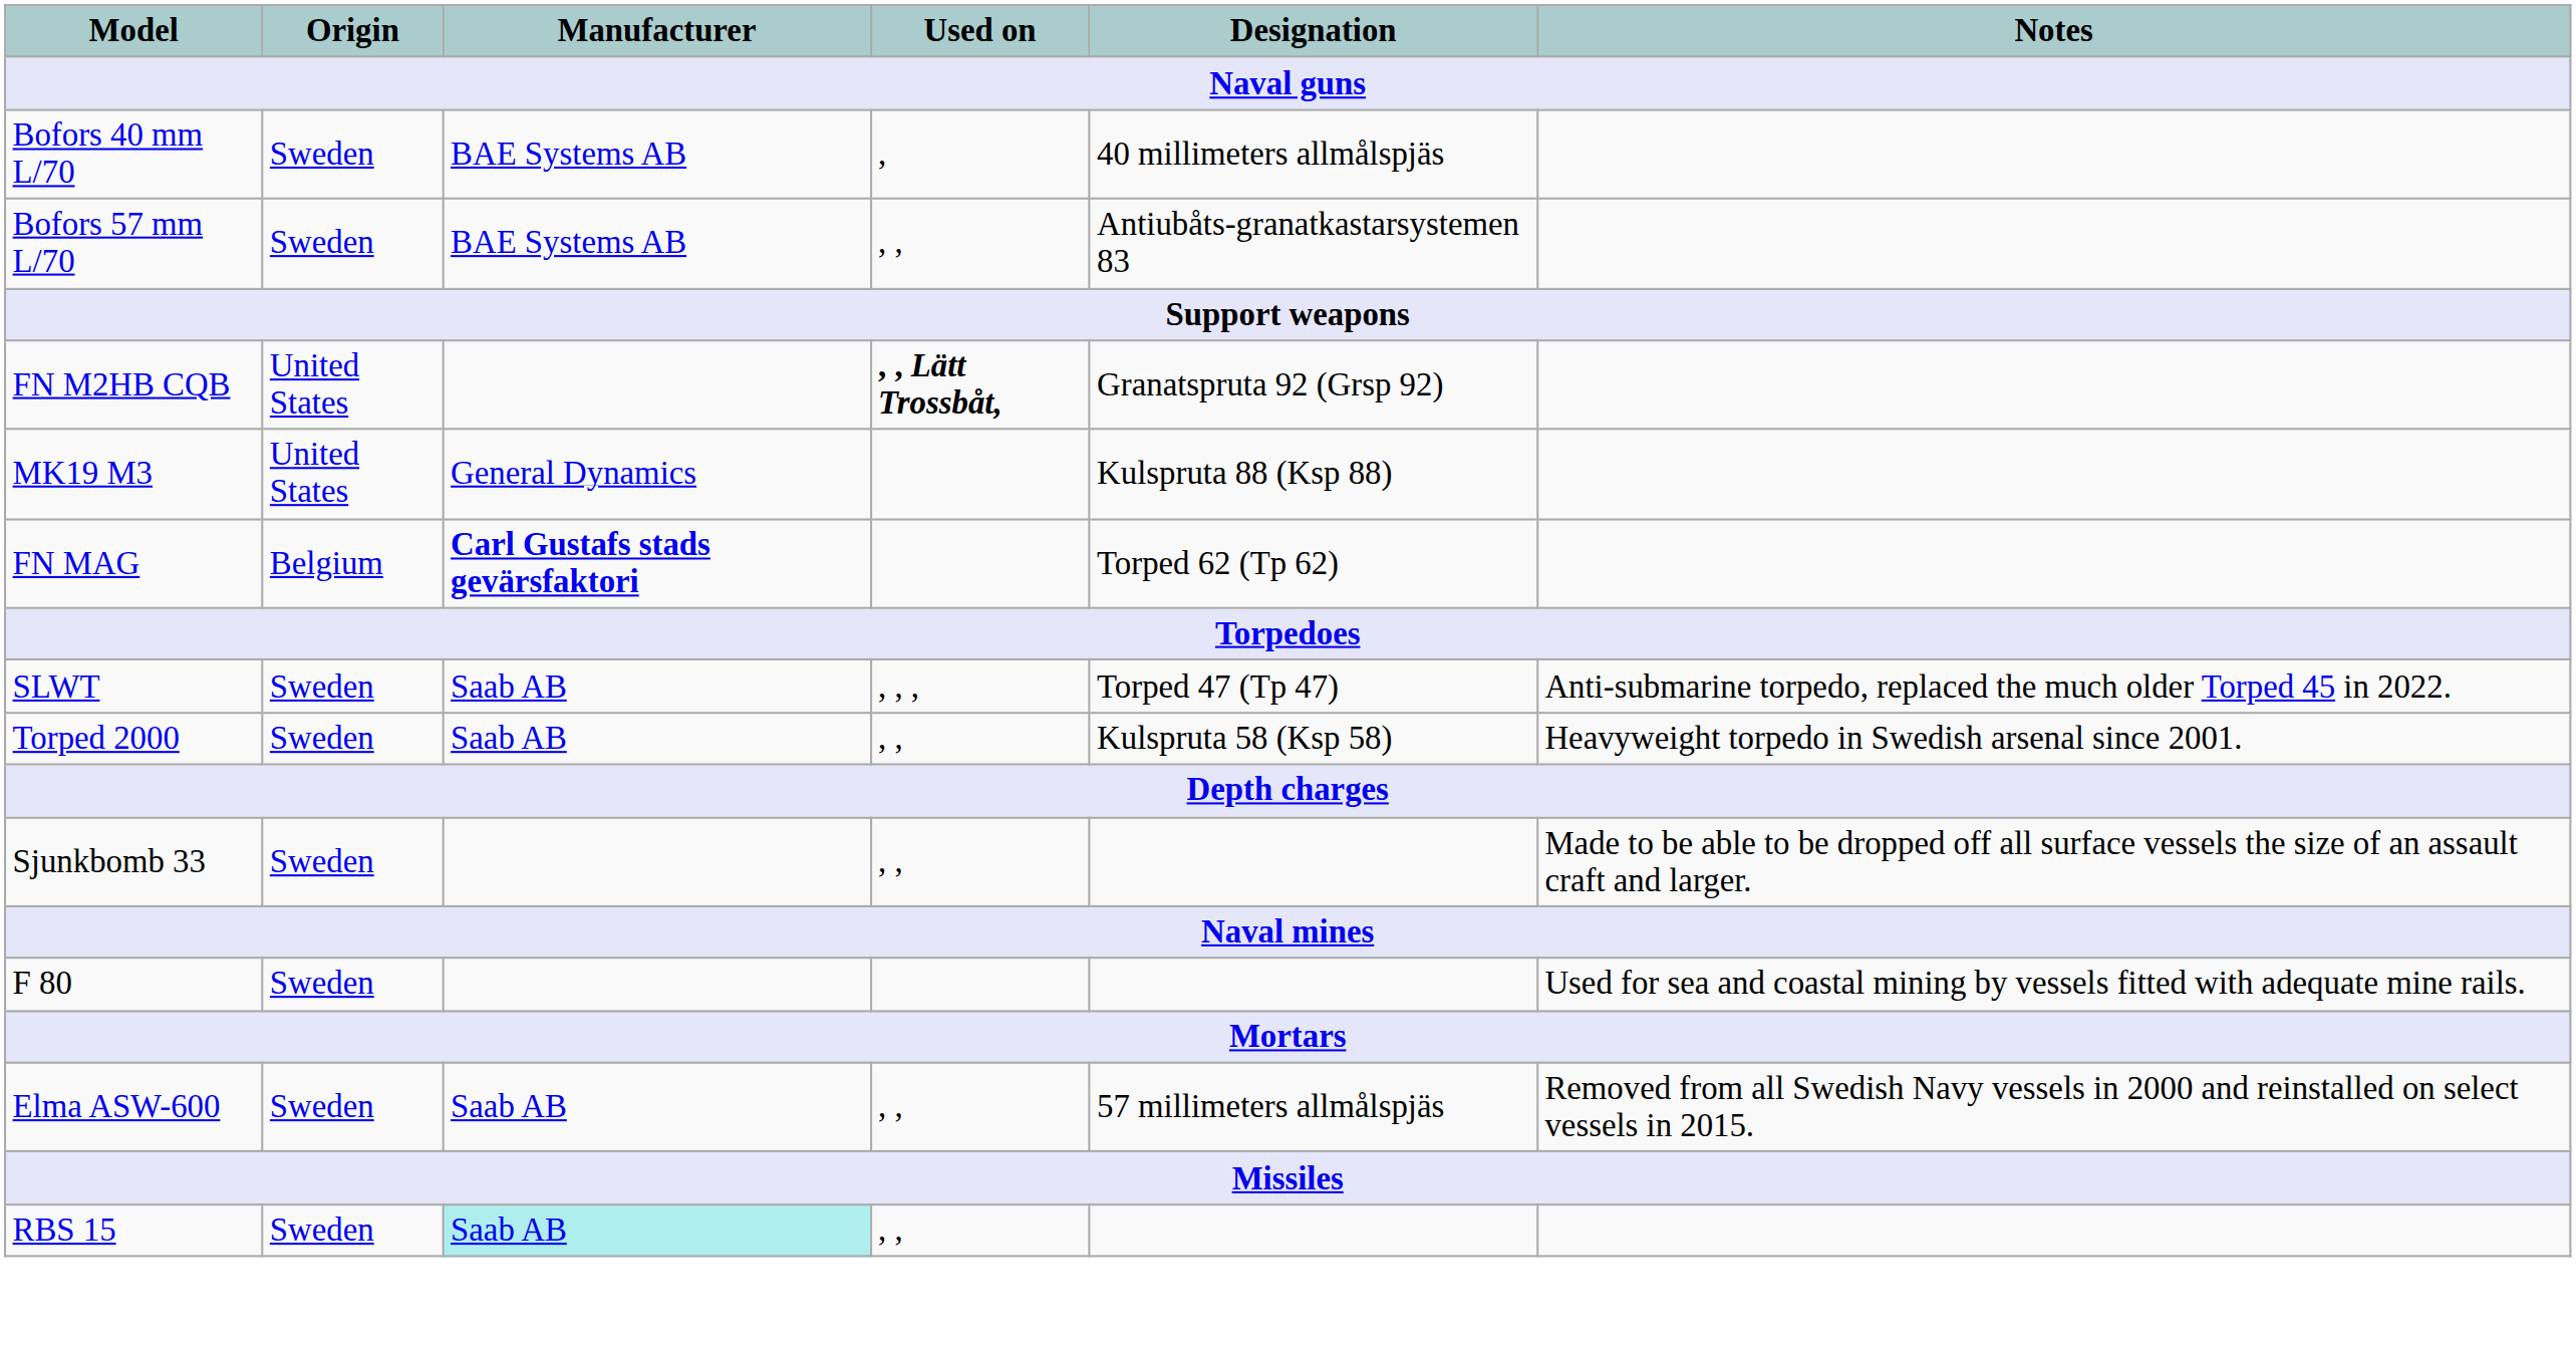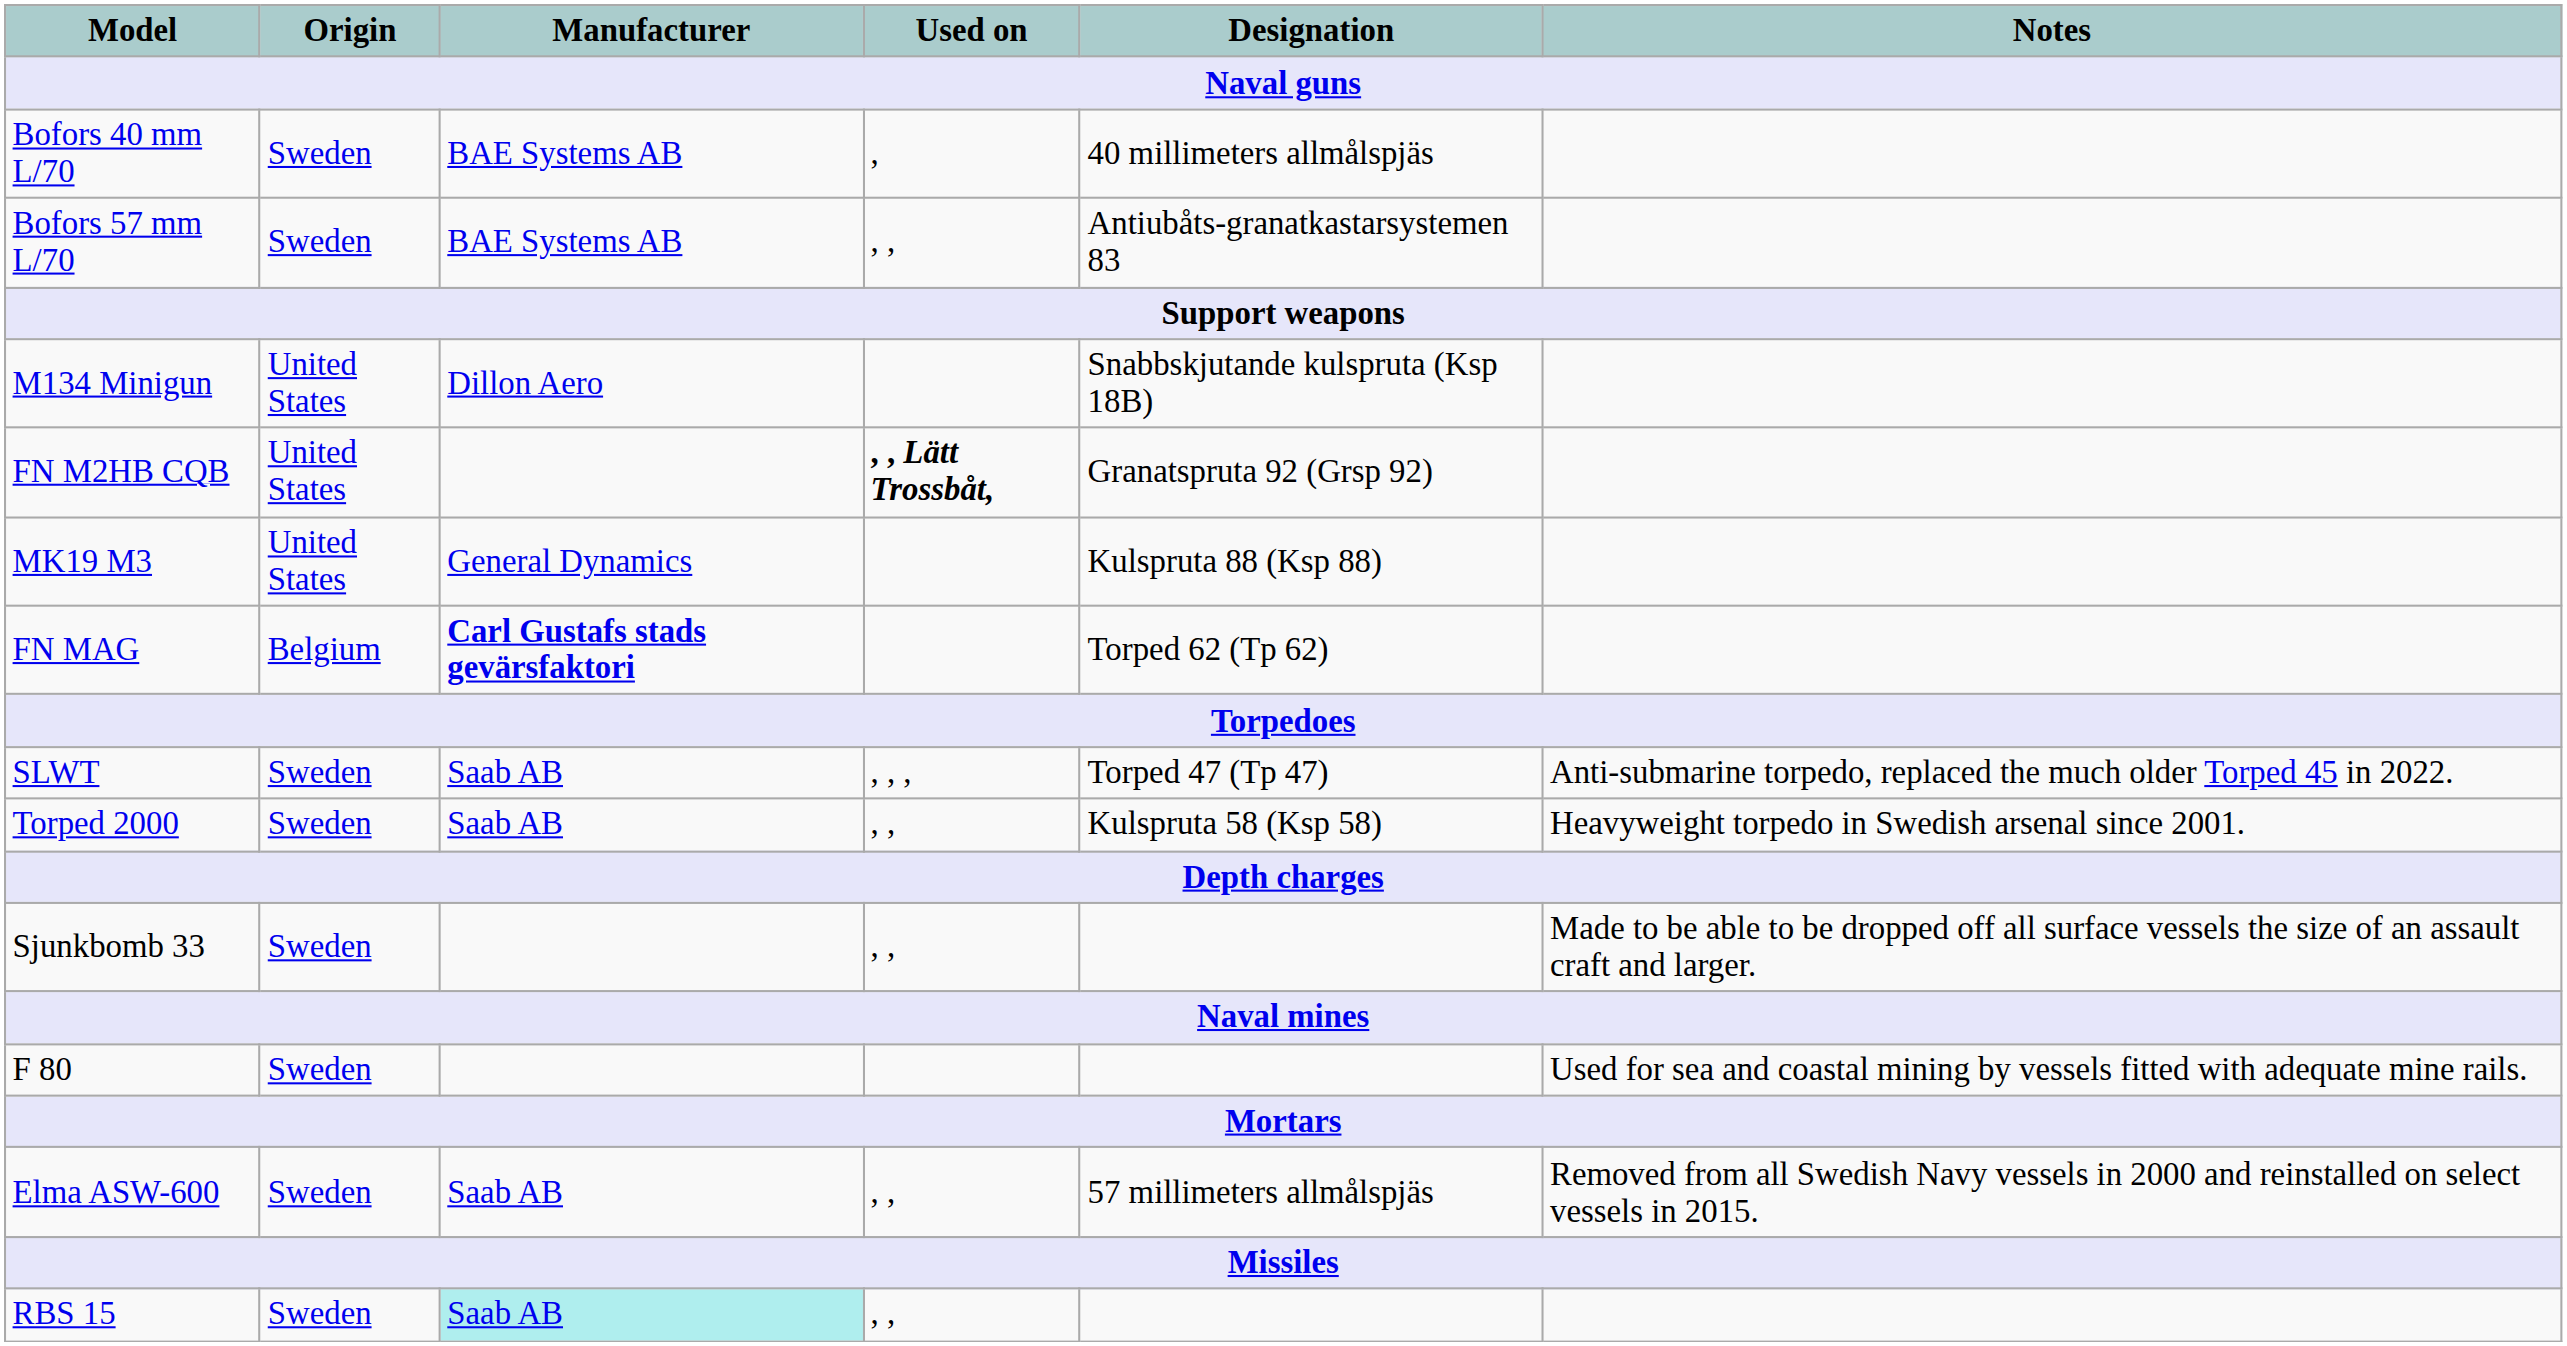 <table class="wikitable">
 <tr>
 <th style="text-align:center; background:#acc;">Model</th>
 <th style="text-align:center; background:#acc;">Origin</th>
 <th style="text-align:center; background:#acc;">Manufacturer</th>
 <th style="text-align:center; background:#acc;">Used on</th>
 <th style="text-align:center; background:#acc;">Designation</th>
 <th style="text-align:center; background:#acc;">Notes</th>
 </tr>
 <tr>
 <th colspan="6" style="align: center; background: lavender;"><a href='#'>Naval guns</a></th>
 </tr>
 <tr>
 <td><a href='#'>Bofors 40 mm L/70</a></td>
 <td><a href='#'>Sweden</a></td>
 <td><a href='#'>BAE Systems AB</a></td>
 <td>, </td>
 <td>40 millimeters allmålspjäs</td>
 <td></td>
 </tr>
 <tr>
 <td><a href='#'>Bofors 57 mm L/70</a></td>
 <td><a href='#'>Sweden</a></td>
 <td><a href='#'>BAE Systems AB</a></td>
 <td>, , </td>
 <td>Antiubåts-granatkastarsystemen 83</td>
 <td></td>
 </tr>
 <tr>
 <th colspan="6" style="align: center; background: lavender;">Support weapons</th>
+</tr>
+<tr>
+<td><a href='#'>M134 Minigun</a></td>
+<td><a href='#'>United States</a></td>
+<td><a href='#'>Dillon Aero</a></td>
+<td></td>
+<td>Snabbskjutande kulspruta (Ksp 18B)</td>
+<td></td>
 </tr>
 <tr>
 <td><a href='#'>FN M2HB CQB</a></td>
 <td><a href='#'>United States</a></td>
 <td></td>
 <td><strong>, , <em>Lätt Trossbåt, </em></strong></td>
 <td>Granatspruta 92 (Grsp 92)</td>
 <td></td>
 </tr>
 <tr>
 <td><a href='#'>MK19 M3</a></td>
 <td><a href='#'>United States</a></td>
 <td><a href='#'>General Dynamics</a></td>
 <td></td>
 <td>Kulspruta 88 (Ksp 88)</td>
 <td></td>
 </tr>
 <tr>
 <td><a href='#'>FN MAG</a></td>
 <td><a href='#'>Belgium</a></td>
 <td><strong><a href='#'>Carl Gustafs stads gevärsfaktori</a></strong></td>
 <td></td>
 <td>Torped 62 (Tp 62)</td>
 <td></td>
 </tr>
 <tr>
 <th colspan="6" style="align: center; background: lavender;"><a href='#'>Torpedoes</a></th>
 </tr>
 <tr>
 <td><a href='#'>SLWT</a></td>
 <td><a href='#'>Sweden</a></td>
 <td><a href='#'>Saab AB</a></td>
 <td>, , , </td>
 <td>Torped 47 (Tp 47)</td>
 <td>Anti-submarine torpedo, replaced the much older <a href='#'>Torped 45</a> in 2022.</td>
 </tr>
 <tr>
 <td><a href='#'>Torped 2000</a></td>
 <td><a href='#'>Sweden</a></td>
 <td><a href='#'>Saab AB</a></td>
 <td>, , </td>
 <td>Kulspruta 58 (Ksp 58)</td>
 <td>Heavyweight torpedo in Swedish arsenal since 2001.</td>
 </tr>
 <tr>
 <th colspan="6" style="align: center; background: lavender;"><a href='#'>Depth charges</a></th>
 </tr>
 <tr>
 <td>Sjunkbomb 33</td>
 <td><a href='#'>Sweden</a></td>
 <td></td>
 <td>, , </td>
 <td></td>
 <td>Made to be able to be dropped off all surface vessels the size of an assault craft and larger.</td>
 </tr>
 <tr>
 <th colspan="6" style="align: center; background: lavender;"><a href='#'>Naval mines</a></th>
 </tr>
 <tr>
 <td>F 80</td>
 <td><a href='#'>Sweden</a></td>
 <td></td>
 <td></td>
 <td></td>
 <td>Used for sea and coastal mining by vessels fitted with adequate mine rails.</td>
 </tr>
 <tr>
 <th colspan="6" style="align: center; background: lavender;"><a href='#'>Mortars</a></th>
 </tr>
 <tr>
 <td><a href='#'>Elma ASW-600</a></td>
 <td><a href='#'>Sweden</a></td>
 <td><a href='#'>Saab AB</a></td>
 <td>, , </td>
 <td>57 millimeters allmålspjäs</td>
 <td>Removed from all Swedish Navy vessels in 2000 and reinstalled on select vessels in 2015.</td>
 </tr>
 <tr>
 <th colspan="6" style="align: center; background: lavender;"><a href='#'>Missiles</a></th>
 </tr>
 <tr>
 <td><a href='#'>RBS 15</a></td>
 <td><a href='#'>Sweden</a></td>
 <td style="background: paleturquoise;"><a href='#'>Saab AB</a></td>
 <td>, , </td>
 <td></td>
 <td></td>
 </tr>
 </table>
